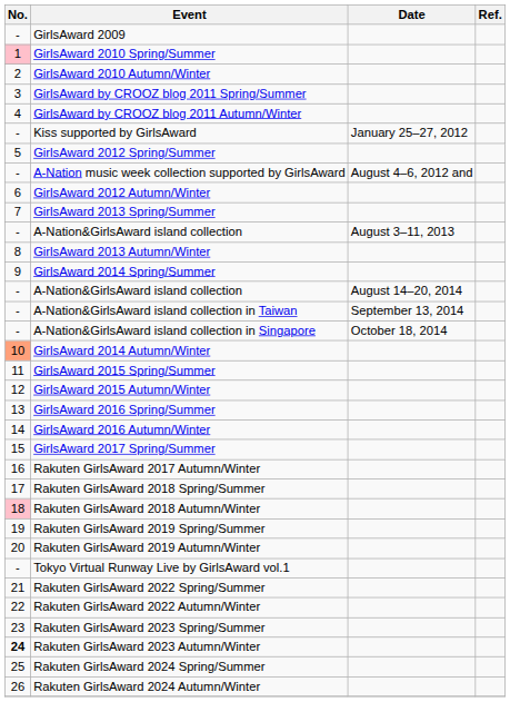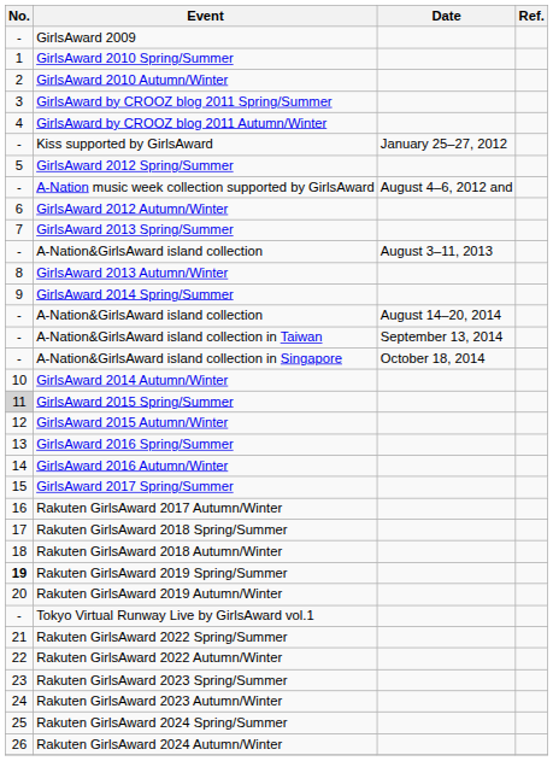 <table class="wikitable">
 <tr>
 <th align="left">No.</th>
 <th align="left">Event</th>
 <th align="left">Date</th>
 <th align="left">Ref.</th>
 </tr>
 <tr>
 <td align="center">-</td>
 <td>GirlsAward 2009</td>
 <td></td>
 <td></td>
 </tr>
 <tr>
-<td align="center" style="background: pink;">1</td>
+<td align="center">1</td>
 <td><a href='#'>GirlsAward 2010 Spring/Summer</a></td>
 <td></td>
 <td></td>
 </tr>
 <tr>
 <td align="center">2</td>
 <td><a href='#'>GirlsAward 2010 Autumn/Winter</a></td>
 <td></td>
 <td></td>
 </tr>
 <tr>
 <td align="center">3</td>
 <td><a href='#'>GirlsAward by CROOZ blog 2011 Spring/Summer</a></td>
 <td></td>
 <td></td>
 </tr>
 <tr>
 <td align="center">4</td>
 <td><a href='#'>GirlsAward by CROOZ blog 2011 Autumn/Winter</a></td>
 <td></td>
 <td></td>
 </tr>
 <tr>
 <td align="center">-</td>
 <td>Kiss supported by GirlsAward</td>
 <td>January 25–27, 2012</td>
 <td></td>
 </tr>
 <tr>
 <td align="center">5</td>
 <td><a href='#'>GirlsAward 2012 Spring/Summer</a></td>
 <td></td>
 <td></td>
 </tr>
 <tr>
 <td align="center">-</td>
 <td><a href='#'>A-Nation</a> music week collection supported by GirlsAward</td>
 <td>August 4–6, 2012 and </td>
 <td></td>
 </tr>
 <tr>
 <td align="center">6</td>
 <td><a href='#'>GirlsAward 2012 Autumn/Winter</a></td>
 <td></td>
 <td></td>
 </tr>
 <tr>
 <td align="center">7</td>
 <td><a href='#'>GirlsAward 2013 Spring/Summer</a></td>
 <td></td>
 <td></td>
 </tr>
 <tr>
 <td align="center">-</td>
 <td>A-Nation&GirlsAward island collection</td>
 <td>August 3–11, 2013</td>
 <td></td>
 </tr>
 <tr>
 <td align="center">8</td>
 <td><a href='#'>GirlsAward 2013 Autumn/Winter</a></td>
 <td></td>
 <td></td>
 </tr>
 <tr>
 <td align="center">9</td>
 <td><a href='#'>GirlsAward 2014 Spring/Summer</a></td>
 <td></td>
 <td></td>
 </tr>
 <tr>
 <td align="center">-</td>
 <td>A-Nation&GirlsAward island collection</td>
 <td>August 14–20, 2014</td>
 <td></td>
 </tr>
 <tr>
 <td align="center">-</td>
 <td>A-Nation&GirlsAward island collection in <a href='#'>Taiwan</a></td>
 <td>September 13, 2014</td>
 <td></td>
 </tr>
 <tr>
 <td align="center">-</td>
 <td>A-Nation&GirlsAward island collection in <a href='#'>Singapore</a></td>
 <td>October 18, 2014</td>
 <td></td>
 </tr>
 <tr>
-<td align="center" style="background: lightsalmon;">10</td>
+<td align="center">10</td>
 <td><a href='#'>GirlsAward 2014 Autumn/Winter</a></td>
 <td></td>
 <td></td>
 </tr>
 <tr>
-<td align="center">11</td>
+<td align="center" style="background: lightgrey;">11</td>
 <td><a href='#'>GirlsAward 2015 Spring/Summer</a></td>
 <td></td>
 <td></td>
 </tr>
 <tr>
 <td align="center">12</td>
 <td><a href='#'>GirlsAward 2015 Autumn/Winter</a></td>
 <td></td>
 <td></td>
 </tr>
 <tr>
 <td align="center">13</td>
 <td><a href='#'>GirlsAward 2016 Spring/Summer</a></td>
 <td></td>
 <td></td>
 </tr>
 <tr>
 <td align="center">14</td>
 <td><a href='#'>GirlsAward 2016 Autumn/Winter</a></td>
 <td></td>
 <td></td>
 </tr>
 <tr>
 <td align="center">15</td>
 <td><a href='#'>GirlsAward 2017 Spring/Summer</a></td>
 <td></td>
 </tr>
 <tr>
 <td align="center">16</td>
 <td>Rakuten GirlsAward 2017 Autumn/Winter</td>
 <td></td>
 <td></td>
 </tr>
 <tr>
 <td align="center">17</td>
 <td>Rakuten GirlsAward 2018 Spring/Summer</td>
 <td></td>
 <td></td>
 </tr>
 <tr>
-<td align="center" style="background: pink;">18</td>
+<td align="center">18</td>
 <td>Rakuten GirlsAward 2018 Autumn/Winter</td>
 <td></td>
 <td></td>
 </tr>
 <tr>
-<td align="center">19</td>
+<td align="center"><strong>19</strong></td>
 <td>Rakuten GirlsAward 2019 Spring/Summer</td>
 <td></td>
 <td></td>
 </tr>
 <tr>
 <td align="center">20</td>
 <td>Rakuten GirlsAward 2019 Autumn/Winter</td>
 <td></td>
 <td></td>
 </tr>
 <tr>
 <td align="center">-</td>
 <td>Tokyo Virtual Runway Live by GirlsAward vol.1</td>
 <td></td>
 <td></td>
 </tr>
 <tr>
 <td align="center">21</td>
 <td>Rakuten GirlsAward 2022 Spring/Summer</td>
 <td></td>
 <td></td>
 </tr>
 <tr>
 <td align="center">22</td>
 <td>Rakuten GirlsAward 2022 Autumn/Winter</td>
 <td></td>
 <td></td>
 </tr>
 <tr>
 <td align="center">23</td>
 <td>Rakuten GirlsAward 2023 Spring/Summer</td>
 <td></td>
 <td></td>
 </tr>
 <tr>
-<td align="center"><strong>24</strong></td>
+<td align="center">24</td>
 <td>Rakuten GirlsAward 2023 Autumn/Winter</td>
 <td></td>
 <td></td>
 </tr>
 <tr>
 <td align="center">25</td>
 <td>Rakuten GirlsAward 2024 Spring/Summer</td>
 <td></td>
 <td></td>
 </tr>
 <tr>
 <td align="center">26</td>
 <td>Rakuten GirlsAward 2024 Autumn/Winter</td>
 <td></td>
 <td></td>
 </tr>
 <tr>
 </tr>
 </table>
